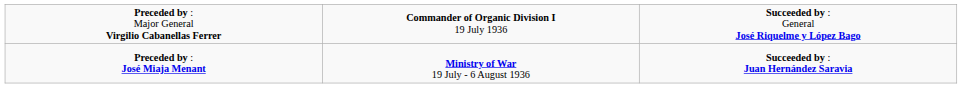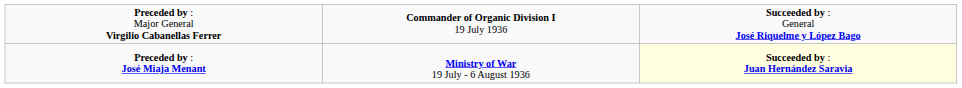 <table class="wikitable" style="margin:1em auto; width:75%; text-align:center;">
 <tr>
 <td width="20%"><strong>Preceded by </strong>:<br>Major General<br><strong>Virgilio Cabanellas Ferrer</strong></td>
 <td width="20%"><strong>Commander of Organic Division I</strong><br> 19 July 1936</td>
 <td width="20%"><strong>Succeeded by </strong>:<br>General<br><strong><a href='#'>José Riquelme y López Bago</a></strong></td>
 </tr>
 <tr>
 <td width="20%"><strong>Preceded by </strong>:<br><strong><a href='#'>José Miaja Menant</a></strong></td>
 <td width="20%"><br><strong><a href='#'>Ministry of War</a></strong><br>19 July - 6 August 1936</td>
-<td width="20%"><strong>Succeeded by </strong>:<br><strong><a href='#'>Juan Hernández Saravia</a></strong></td>
+<td width="20%" style="background: lightyellow;"><strong>Succeeded by </strong>:<br><strong><a href='#'>Juan Hernández Saravia</a></strong></td>
 </tr>
 </table>
